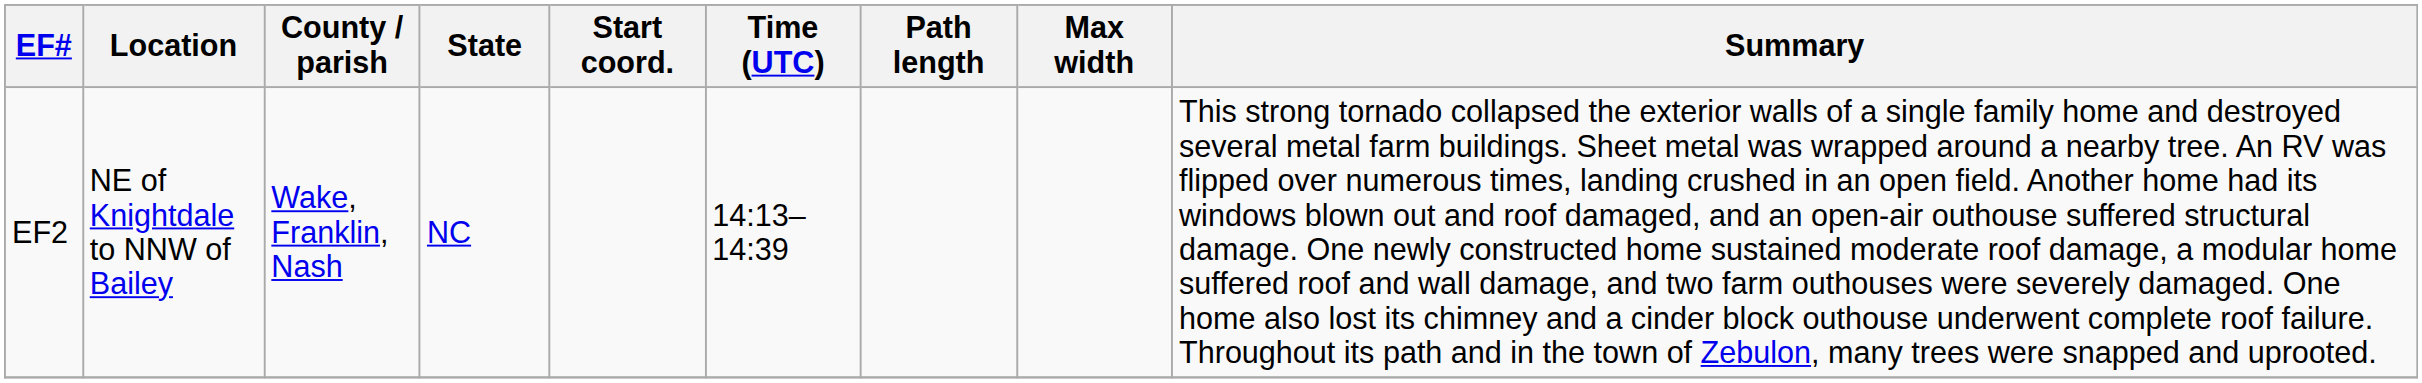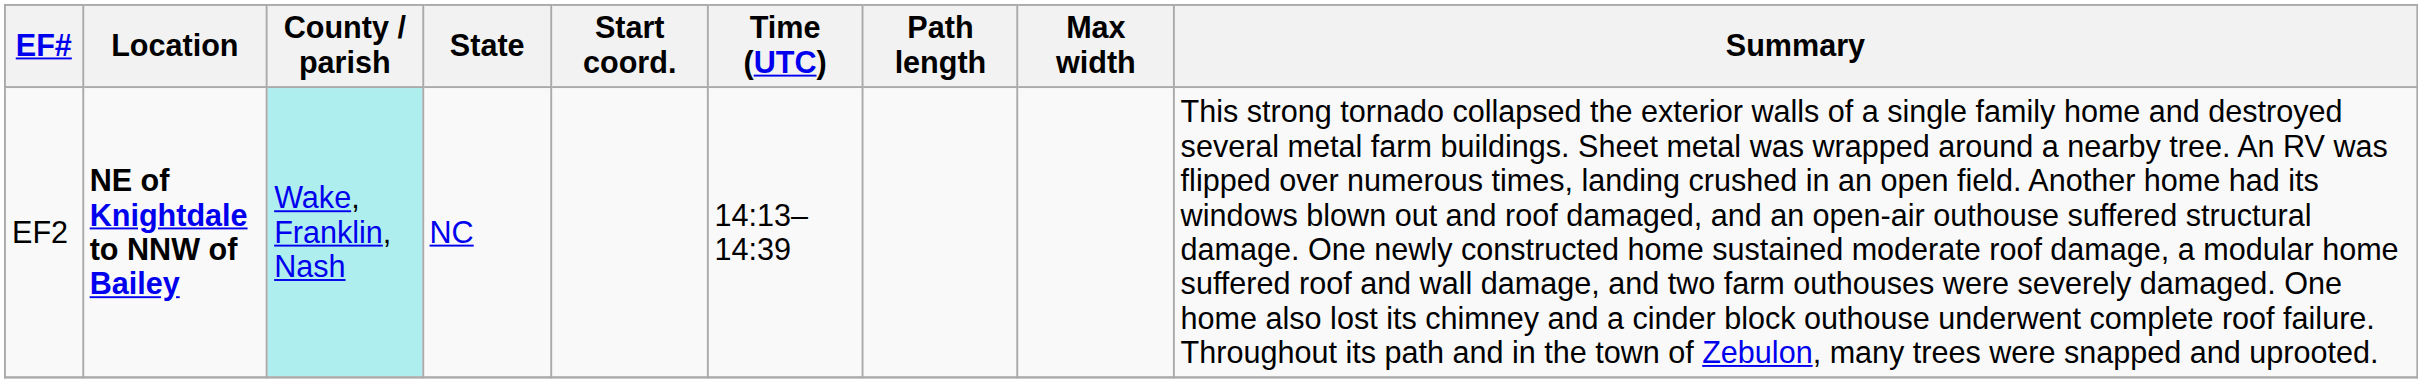 <table class="wikitable sortable" style="width:100%;">
 <tr>
 <th scope="col" style="width:3%; text-align:center;"><a href='#'>EF#</a></th>
 <th scope="col" style="width:7%; text-align:center;" class="unsortable">Location</th>
 <th scope="col" style="width:6%; text-align:center;" class="unsortable">County / parish</th>
 <th scope="col" style="width:5%; text-align:center;">State</th>
 <th scope="col" style="width:6%; text-align:center;">Start coord.</th>
 <th scope="col" style="width:6%; text-align:center;">Time (<a href='#'>UTC</a>)</th>
 <th scope="col" style="width:6%; text-align:center;">Path length</th>
 <th scope="col" style="width:6%; text-align:center;">Max width</th>
 <th scope="col" class="unsortable" style="width:48%; text-align:center;">Summary</th>
 </tr>
 <tr>
 <td bgcolor=>EF2</td>
-<td>NE of <a href='#'>Knightdale</a> to NNW of <a href='#'>Bailey</a></td>
-<td><a href='#'>Wake</a>, <a href='#'>Franklin</a>, <a href='#'>Nash</a></td>
+<td><strong>NE of <a href='#'>Knightdale</a> to NNW of <a href='#'>Bailey</a></strong></td>
+<td style="background: paleturquoise;"><a href='#'>Wake</a>, <a href='#'>Franklin</a>, <a href='#'>Nash</a></td>
 <td><a href='#'>NC</a></td>
 <td></td>
 <td>14:13–14:39</td>
 <td></td>
 <td></td>
 <td>This strong tornado collapsed the exterior walls of a single family home and destroyed several metal farm buildings. Sheet metal was wrapped around a nearby tree. An RV was flipped over numerous times, landing crushed in an open field. Another home had its windows blown out and roof damaged, and an open-air outhouse suffered structural damage. One newly constructed home sustained moderate roof damage, a modular home suffered roof and wall damage, and two farm outhouses were severely damaged. One home also lost its chimney and a cinder block outhouse underwent complete roof failure. Throughout its path and in the town of <a href='#'>Zebulon</a>, many trees were snapped and uprooted.</td>
 </tr>
 <tr>
 </tr>
 </table>
